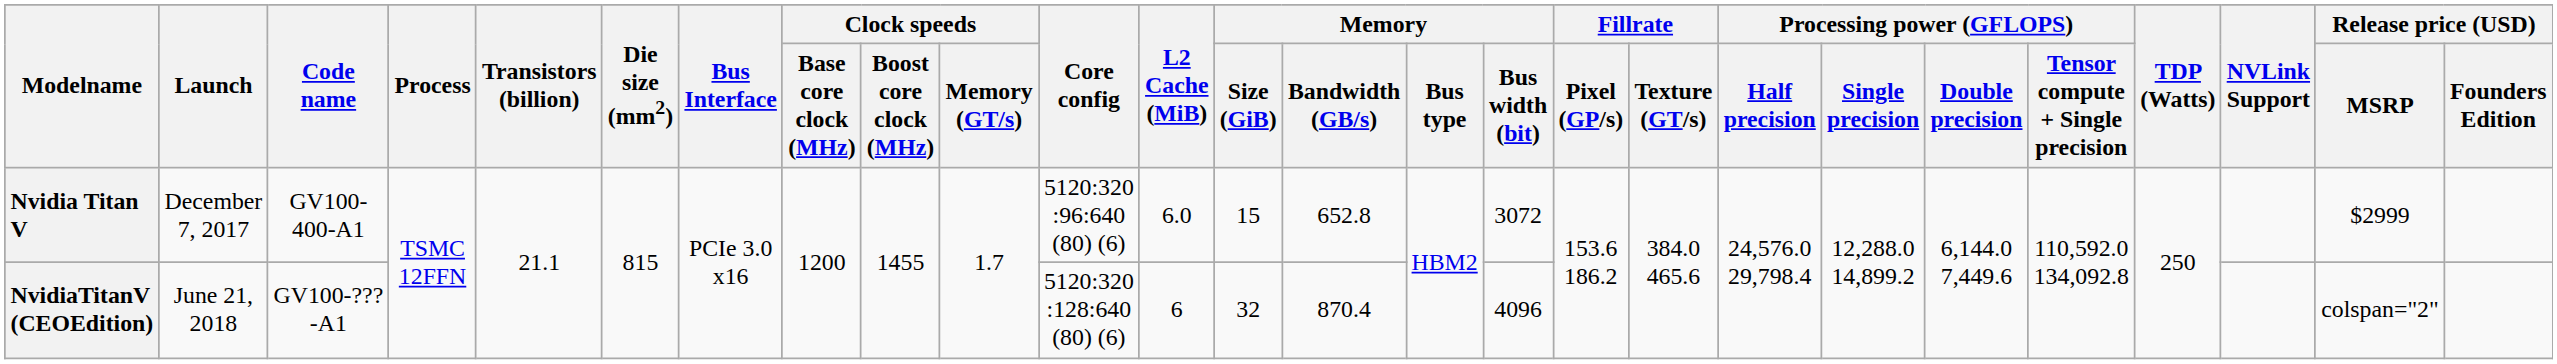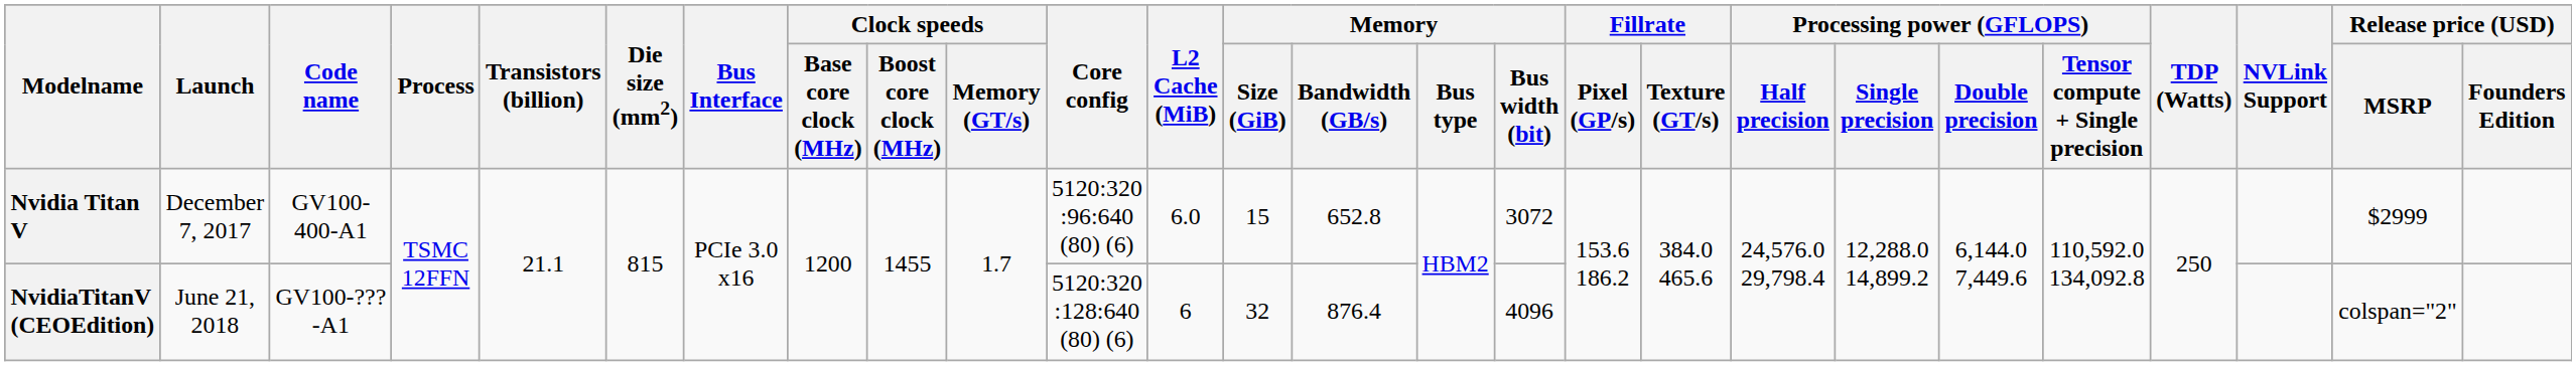 <table class="mw-datatable wikitable sortable sort-under" style="font-size:85%; text-align:center;">
 <tr>
 <th rowspan="2">Modelname</th>
 <th rowspan="2">Launch</th>
 <th rowspan="2"><a href='#'>Code name</a></th>
 <th rowspan="2">Process</th>
 <th rowspan="2">Transistors (billion)</th>
 <th rowspan="2">Die size (mm<sup>2</sup>)</th>
 <th rowspan="2"><a href='#'>Bus</a> <a href='#'>Interface</a></th>
 <th colspan="3">Clock speeds</th>
 <th rowspan="2">Core config </th>
 <th rowspan="2"><a href='#'>L2 Cache</a><br>(<a href='#'>MiB</a>)</th>
 <th colspan="4">Memory</th>
 <th colspan="2"><a href='#'>Fillrate</a> </th>
 <th colspan="4">Processing power (<a href='#'>GFLOPS</a>) </th>
 <th rowspan="2"><a href='#'>TDP</a> (Watts)</th>
 <th rowspan="2"><a href='#'>NVLink</a> Support</th>
 <th colspan="2">Release price (USD)</th>
 </tr>
 <tr>
 <th>Base core clock (<a href='#'>MHz</a>)</th>
 <th>Boost core clock (<a href='#'>MHz</a>)</th>
 <th>Memory (<a href='#'>GT/s</a>)</th>
 <th>Size (<a href='#'>GiB</a>)</th>
 <th>Bandwidth (<a href='#'>GB/s</a>)</th>
 <th>Bus type</th>
 <th>Bus width (<a href='#'>bit</a>)</th>
 <th>Pixel (<a href='#'>GP</a>/s) </th>
 <th>Texture (<a href='#'>GT</a>/s) </th>
 <th><a href='#'>Half precision</a></th>
 <th><a href='#'>Single precision</a></th>
 <th><a href='#'>Double precision</a></th>
 <th><a href='#'>Tensor</a> compute + Single precision</th>
 <th>MSRP</th>
 <th>Founders Edition</th>
 </tr>
 <tr>
 <th style="text-align:left;">Nvidia Titan V </th>
 <td>December 7, 2017</td>
 <td>GV100-400-A1</td>
 <td rowspan="2"><a href='#'>TSMC</a><br><a href='#'>12FFN</a></td>
 <td rowspan="2">21.1</td>
 <td rowspan="2">815</td>
 <td rowspan="2">PCIe 3.0 x16</td>
 <td rowspan="2">1200</td>
 <td rowspan="2">1455</td>
 <td rowspan="2">1.7</td>
 <td>5120:320 :96:640 <br>(80) (6)</td>
 <td>6.0</td>
 <td>15</td>
 <td>652.8</td>
 <td rowspan="2"><a href='#'>HBM2</a></td>
 <td>3072</td>
 <td rowspan="2">153.6<br>186.2</td>
 <td rowspan="2">384.0<br>465.6</td>
 <td rowspan="2">24,576.0<br>29,798.4</td>
 <td rowspan="2">12,288.0<br>14,899.2</td>
 <td rowspan="2">6,144.0<br>7,449.6</td>
 <td rowspan="2">110,592.0<br>134,092.8</td>
 <td rowspan="2">250</td>
 <td></td>
 <td>$2999</td>
 <td></td>
 </tr>
 <tr>
 <th style="text-align:left;">NvidiaTitanV <br>(CEOEdition) </th>
 <td>June 21, 2018</td>
 <td>GV100-???-A1</td>
 <td>5120:320 :128:640 <br>(80) (6)</td>
 <td>6</td>
 <td>32</td>
-<td>870.4</td>
+<td>876.4</td>
 <td>4096</td>
 <td></td>
 <td>colspan="2" </td>
 </tr>
 </table>
